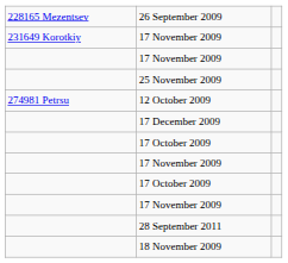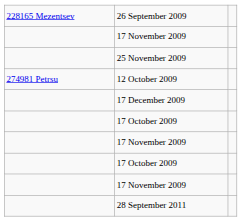 <table class="wikitable" style="font-size: 89%; float: left; width: 26em; margin-right: 1em; height: 336px;">
 <tr>
 <td><a href='#'>228165 Mezentsev</a></td>
 <td>26 September 2009</td>
-<td> </td>
-</tr>
-<tr>
-<td><a href='#'>231649 Korotkiy</a></td>
-<td>17 November 2009</td>
 <td> </td>
 </tr>
 <tr>
 <td></td>
 <td>17 November 2009</td>
 <td> </td>
 </tr>
 <tr>
 <td></td>
 <td>25 November 2009</td>
 <td> </td>
 </tr>
 <tr>
 <td><a href='#'>274981 Petrsu</a></td>
 <td>12 October 2009</td>
 <td> </td>
 </tr>
 <tr>
 <td></td>
 <td>17 December 2009</td>
 <td> </td>
 </tr>
 <tr>
 <td></td>
 <td>17 October 2009</td>
 <td> </td>
 </tr>
 <tr>
 <td></td>
 <td>17 November 2009</td>
 <td> </td>
 </tr>
 <tr>
 <td></td>
 <td>17 October 2009</td>
 <td> </td>
 </tr>
 <tr>
 <td></td>
 <td>17 November 2009</td>
 <td> </td>
 </tr>
 <tr>
 <td></td>
 <td>28 September 2011</td>
 <td> </td>
 </tr>
-<tr>
-<td></td>
-<td>18 November 2009</td>
-<td> </td>
-</tr>
 </table>
